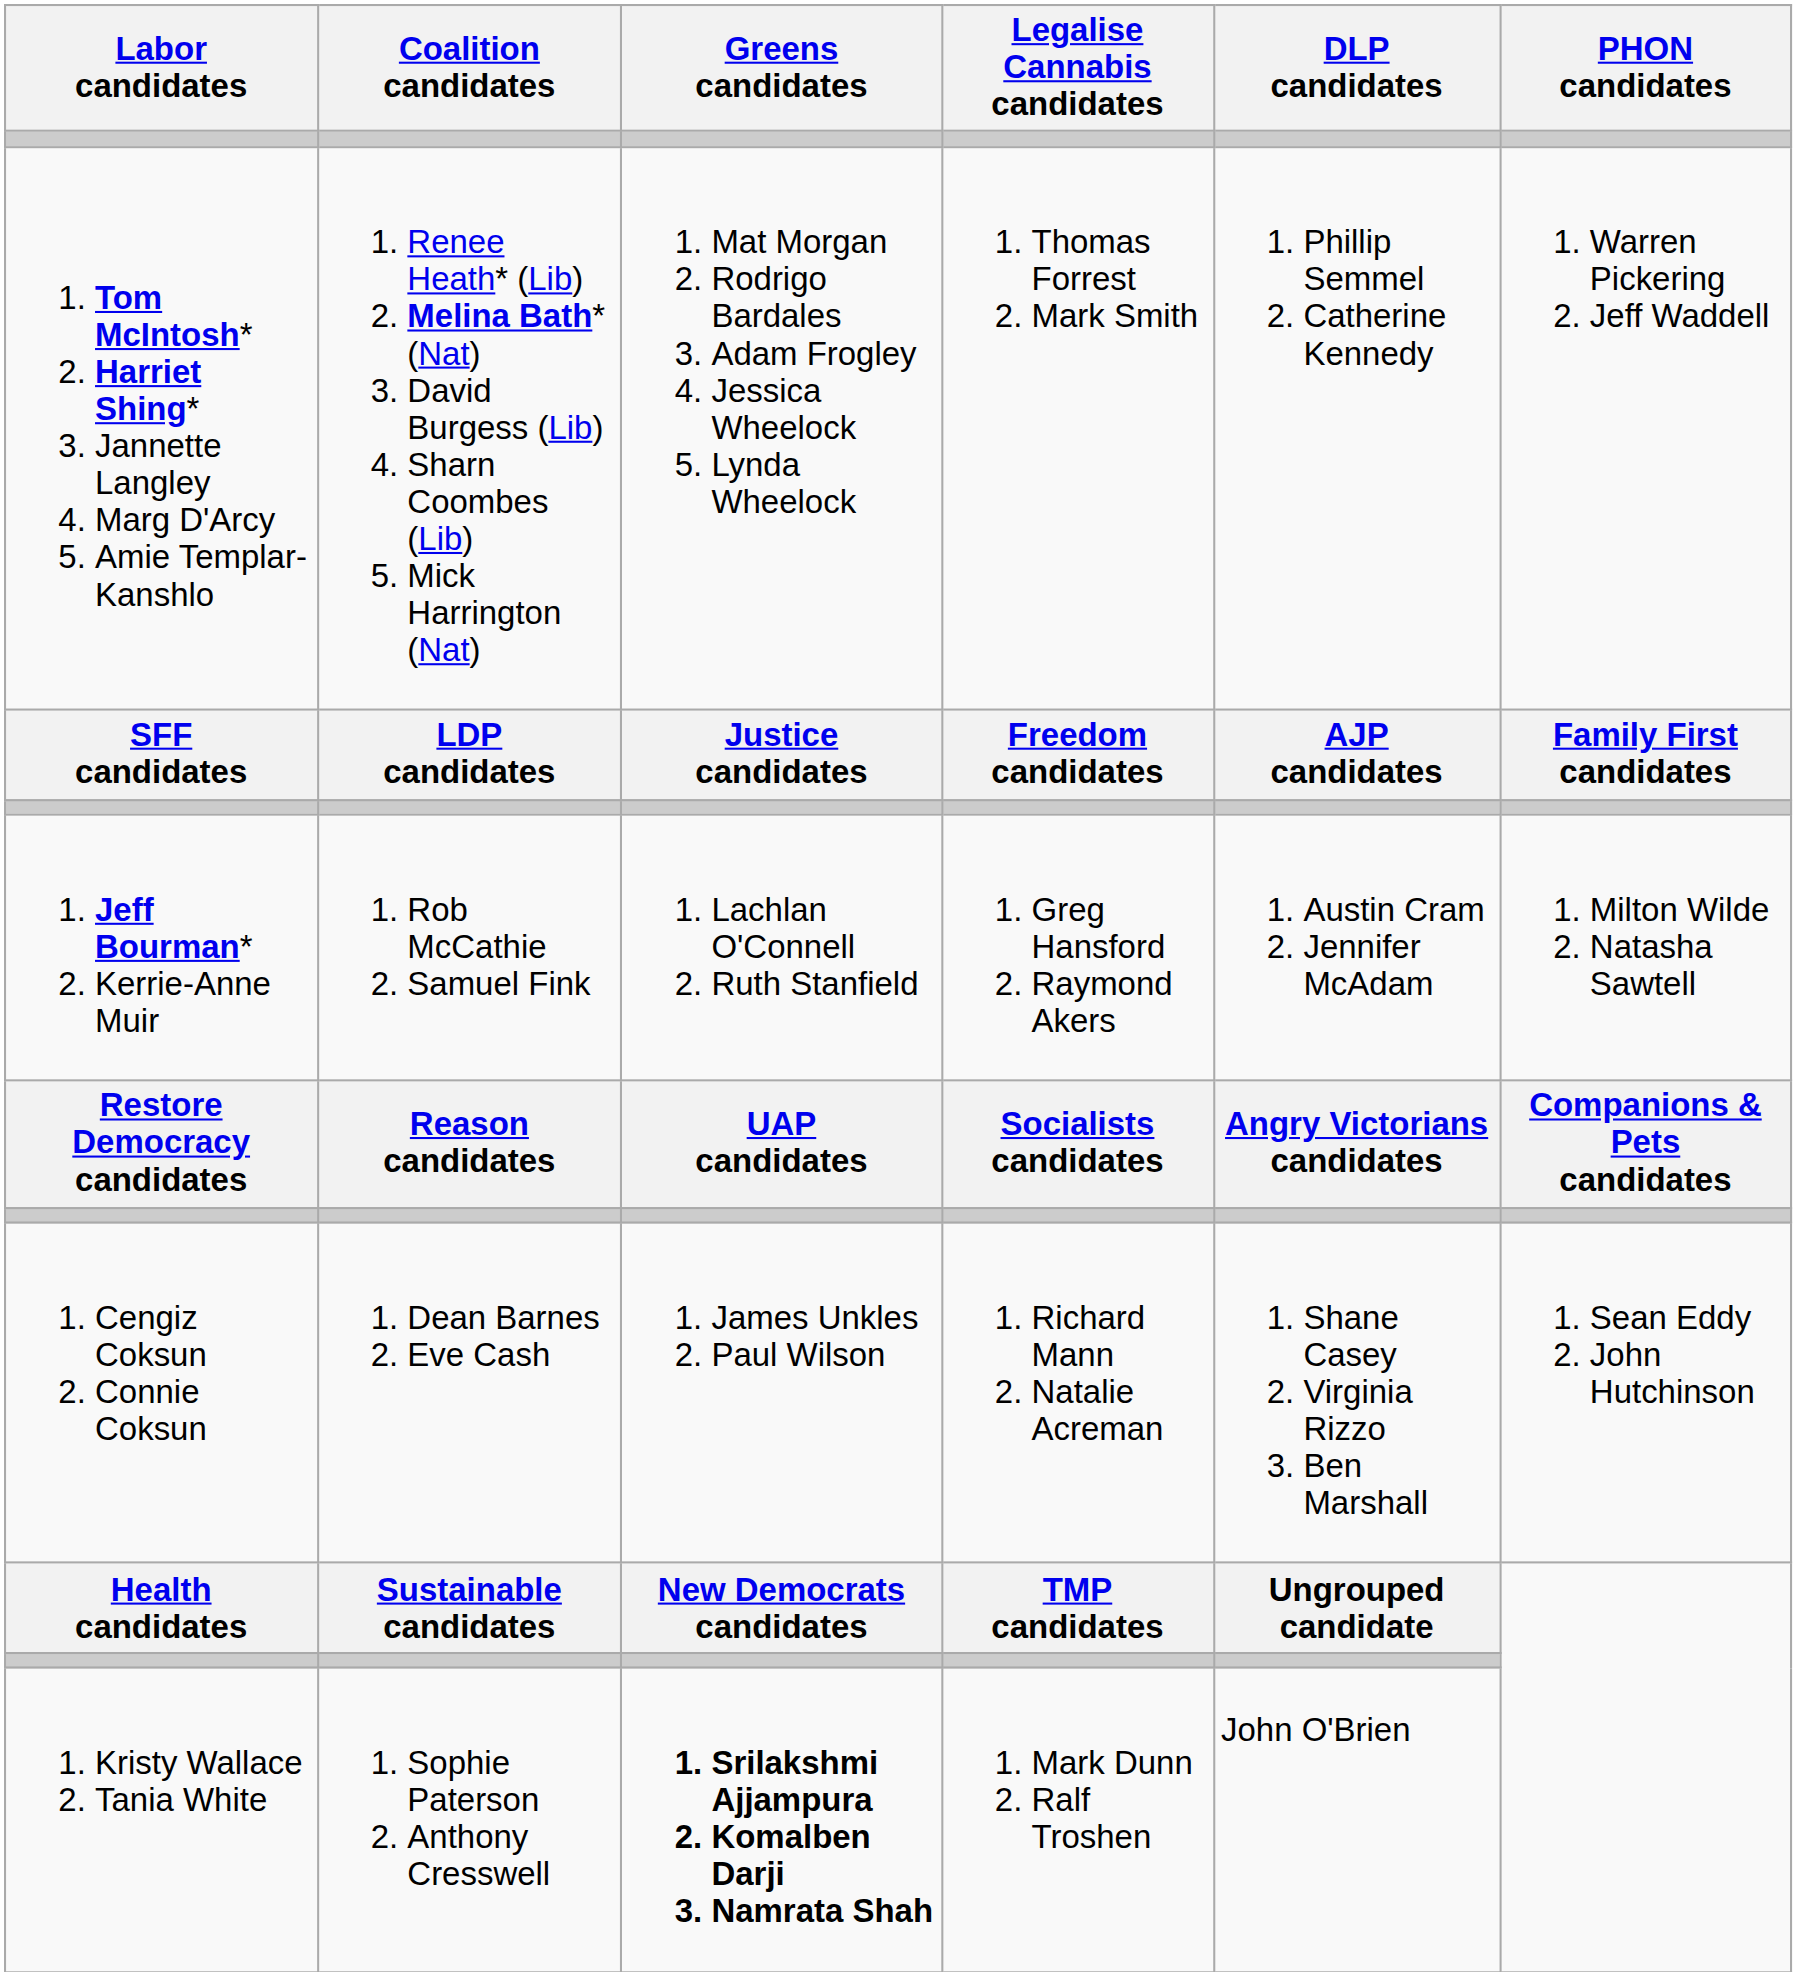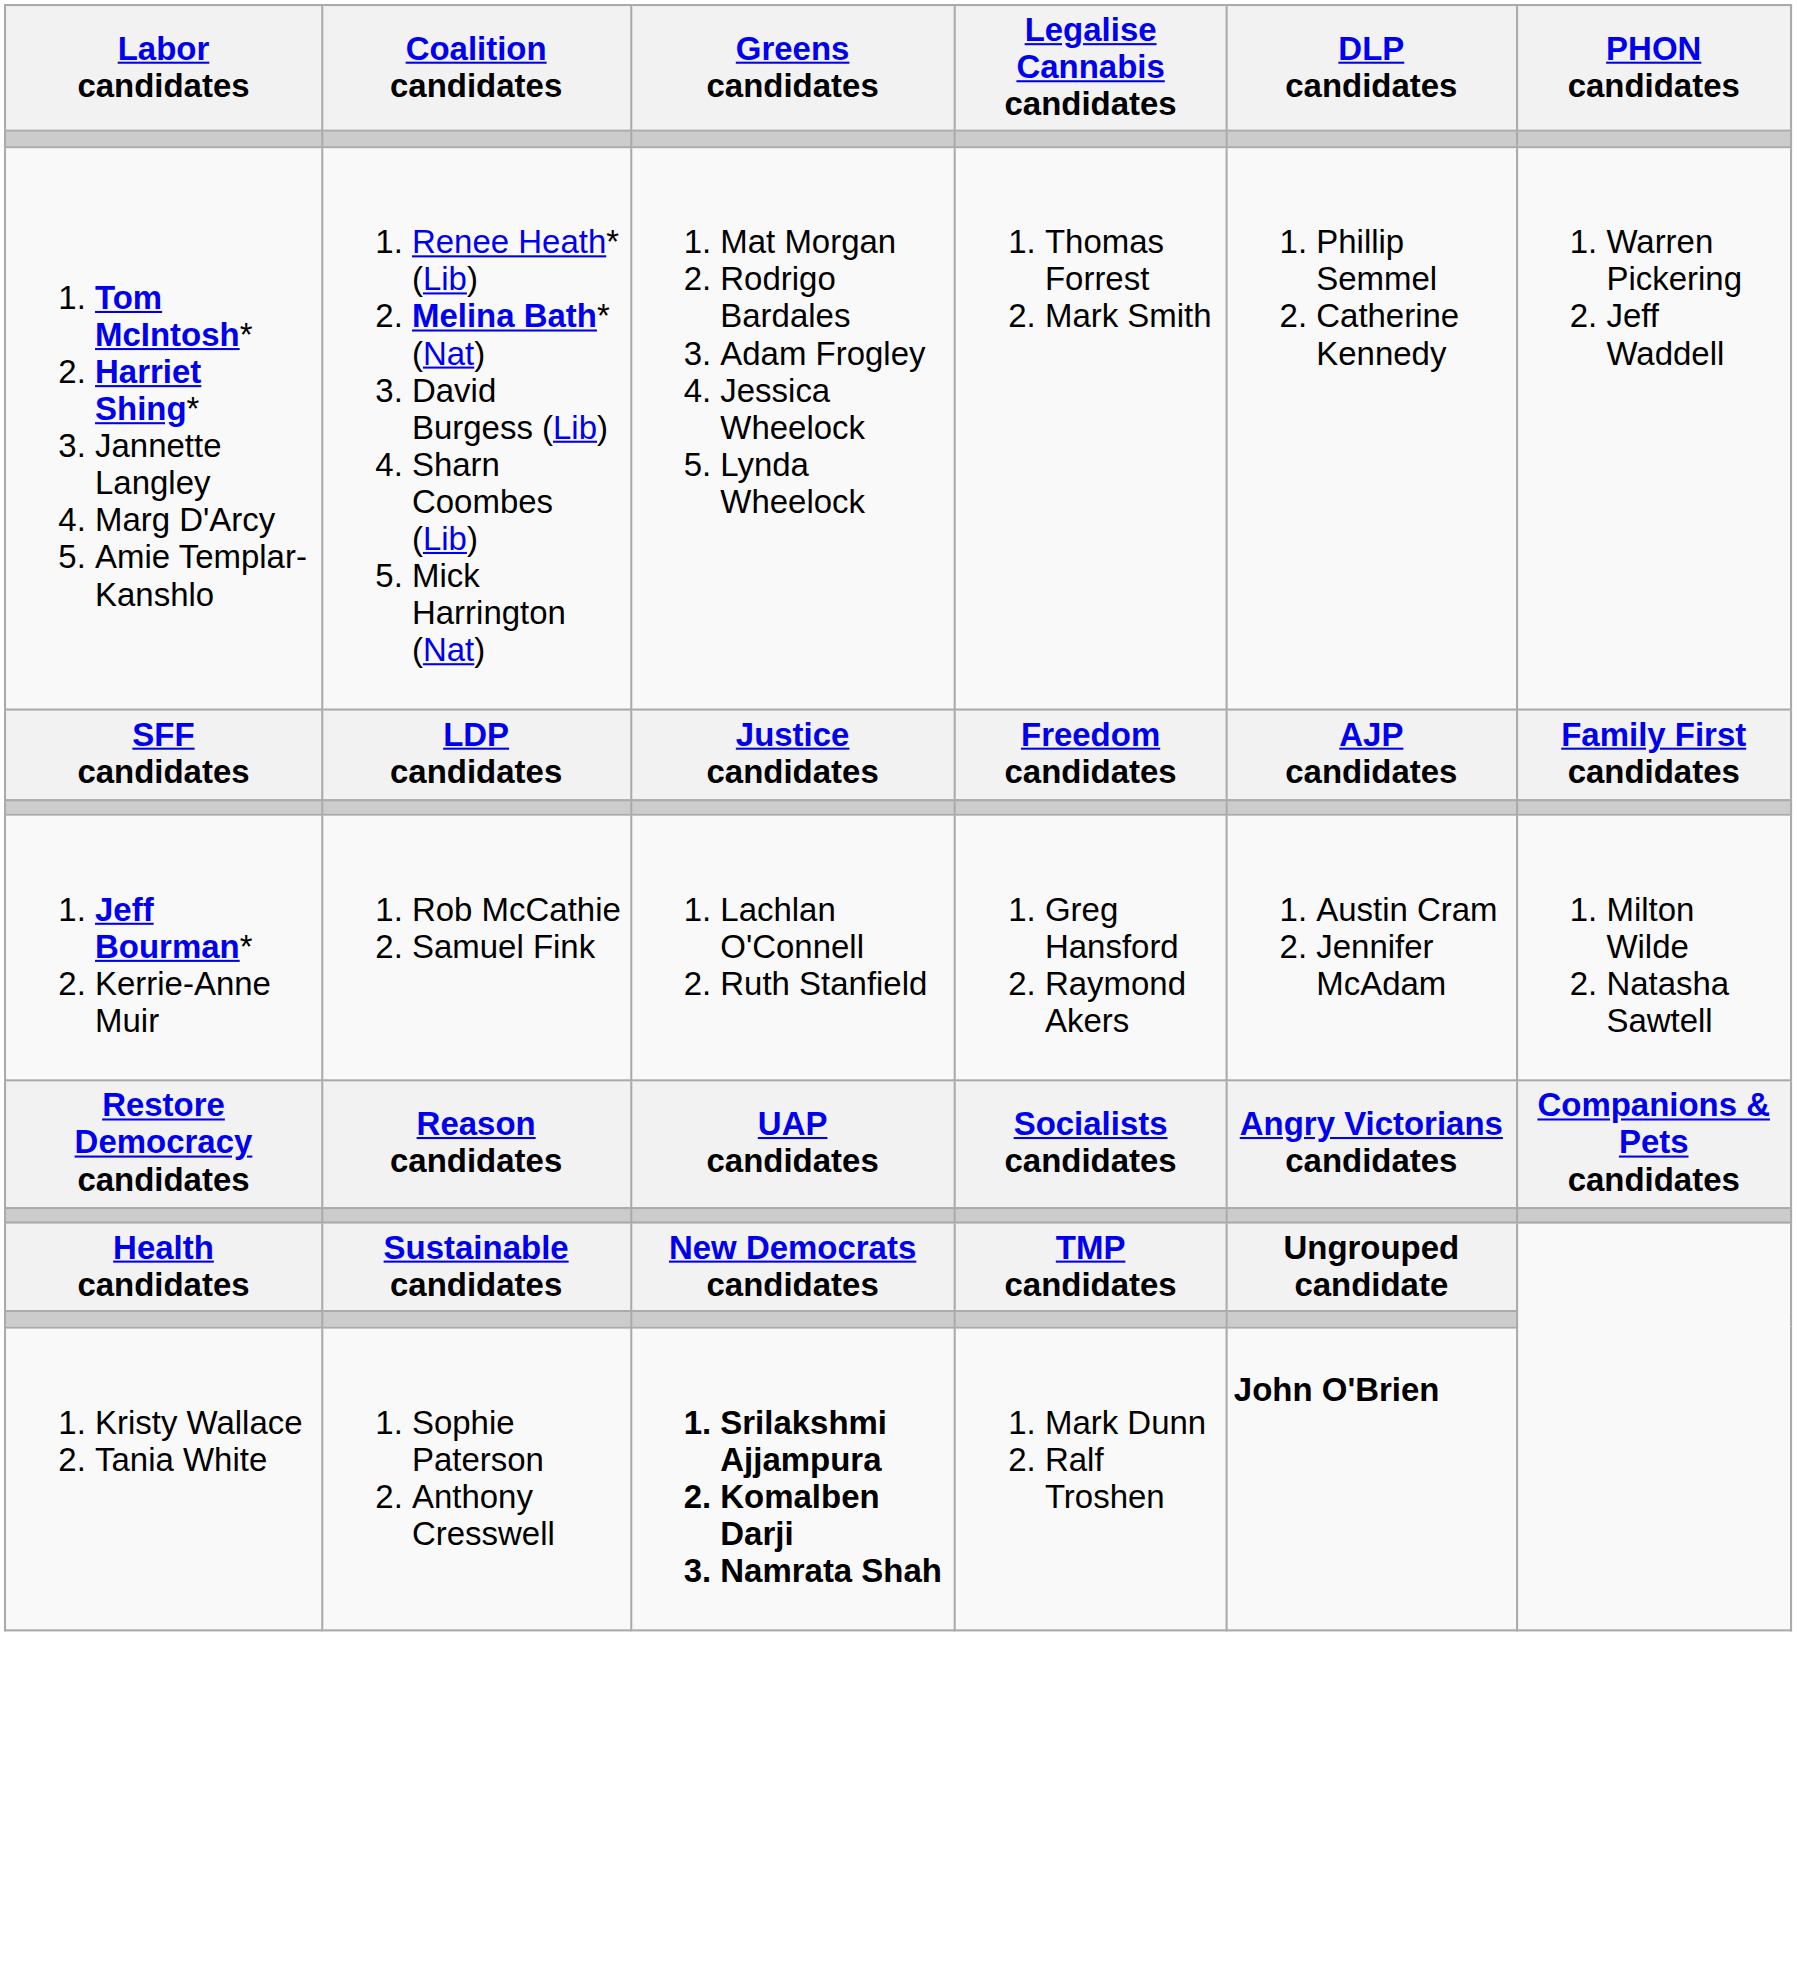 <table class="wikitable" style="max-width:90em";>
 <tr>
 <th><a href='#'>Labor</a><br>candidates</th>
 <th><a href='#'>Coalition</a><br>candidates</th>
 <th><a href='#'>Greens</a><br>candidates</th>
 <th><a href='#'>Legalise Cannabis</a><br>candidates</th>
 <th><a href='#'>DLP</a><br>candidates</th>
 <th><a href='#'>PHON</a><br>candidates</th>
 </tr>
 <tr style="background:#ccc;">
 <td></td>
 <td></td>
 <td></td>
 <td></td>
 <td></td>
 <td></td>
 </tr>
 <tr>
 <td><br><ol><li><strong><a href='#'>Tom McIntosh</a></strong>*</li><li><strong><a href='#'>Harriet Shing</a></strong>*</li><li>Jannette Langley</li><li>Marg D'Arcy</li><li>Amie Templar-Kanshlo</li></ol></td>
 <td><br><ol><li><a href='#'>Renee Heath</a>* (<a href='#'>Lib</a>)</li><li><strong><a href='#'>Melina Bath</a></strong>* (<a href='#'>Nat</a>)</li><li>David Burgess (<a href='#'>Lib</a>)</li><li>Sharn Coombes (<a href='#'>Lib</a>)</li><li>Mick Harrington (<a href='#'>Nat</a>)</li></ol></td>
 <td valign=top><br><ol><li>Mat Morgan</li><li>Rodrigo Bardales</li><li>Adam Frogley</li><li>Jessica Wheelock</li><li>Lynda Wheelock</li></ol></td>
 <td valign=top><br><ol><li>Thomas Forrest</li><li>Mark Smith</li></ol></td>
 <td valign=top><br><ol><li>Phillip Semmel</li><li>Catherine Kennedy</li></ol></td>
 <td valign=top><br><ol><li>Warren Pickering</li><li>Jeff Waddell</li></ol></td>
 </tr>
 <tr>
 <th><a href='#'>SFF</a><br>candidates</th>
 <th><a href='#'>LDP</a><br>candidates</th>
 <th><a href='#'>Justice</a><br>candidates</th>
 <th><a href='#'>Freedom</a><br>candidates</th>
 <th><a href='#'>AJP</a><br>candidates</th>
 <th><a href='#'>Family First</a><br>candidates</th>
 </tr>
 <tr style="background:#ccc;">
 <td></td>
 <td></td>
 <td></td>
 <td></td>
 <td></td>
 <td></td>
 </tr>
 <tr>
 <td><br><ol><li><strong><a href='#'>Jeff Bourman</a></strong>*</li><li>Kerrie-Anne Muir</li></ol></td>
 <td valign=top><br><ol><li>Rob McCathie</li><li>Samuel Fink</li></ol></td>
 <td valign=top><br><ol><li>Lachlan O'Connell</li><li>Ruth Stanfield</li></ol></td>
 <td valign=top><br><ol><li>Greg Hansford</li><li>Raymond Akers</li></ol></td>
 <td valign=top><br><ol><li>Austin Cram</li><li>Jennifer McAdam</li></ol></td>
 <td valign=top><br><ol><li>Milton Wilde</li><li>Natasha Sawtell</li></ol></td>
 </tr>
 <tr>
 <th><a href='#'>Restore Democracy</a><br>candidates</th>
 <th><a href='#'>Reason</a><br>candidates</th>
 <th><a href='#'>UAP</a><br>candidates</th>
 <th><a href='#'>Socialists</a><br>candidates</th>
 <th><a href='#'>Angry Victorians</a><br>candidates</th>
 <th><a href='#'>Companions & Pets</a><br>candidates</th>
 </tr>
 <tr style=background:#ccc>
 <td></td>
 <td></td>
 <td></td>
 <td></td>
 <td></td>
 <td></td>
 </tr>
 <tr>
-<td valign=top><br><ol><li>Cengiz Coksun</li><li>Connie Coksun</li></ol></td>
-<td valign=top><br><ol><li>Dean Barnes</li><li>Eve Cash</li></ol></td>
-<td valign=top><br><ol><li>James Unkles</li><li>Paul Wilson</li></ol></td>
-<td valign=top><br><ol><li>Richard Mann</li><li>Natalie Acreman</li></ol></td>
-<td valign=top><br><ol><li>Shane Casey</li><li>Virginia Rizzo</li><li>Ben Marshall</li></ol></td>
-<td valign=top><br><ol><li>Sean Eddy</li><li>John Hutchinson</li></ol></td>
-</tr>
-<tr>
 <th><a href='#'>Health</a><br>candidates</th>
 <th><a href='#'>Sustainable</a><br>candidates</th>
 <th><a href='#'>New Democrats</a><br>candidates</th>
 <th><a href='#'>TMP</a><br>candidates</th>
 <th>Ungrouped<br>candidate</th>
 </tr>
 <tr style=background:#ccc>
 <td></td>
 <td></td>
 <td></td>
 <td></td>
 <td></td>
 </tr>
 <tr>
 <td valign=top><br><ol><li>Kristy Wallace</li><li>Tania White</li></ol></td>
 <td valign=top><br><ol><li>Sophie Paterson</li><li>Anthony Cresswell</li></ol></td>
 <td valign=top><strong><br><ol><li>Srilakshmi Ajjampura</li><li>Komalben Darji</li><li>Namrata Shah</li></ol></strong></td>
 <td valign=top><br><ol><li>Mark Dunn</li><li>Ralf Troshen</li></ol></td>
-<td valign=top><br>John O'Brien</td>
+<td valign=top><strong><br>John O'Brien</strong></td>
 </tr>
 </table>
